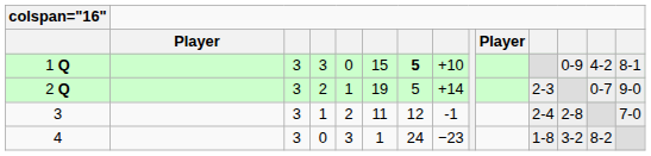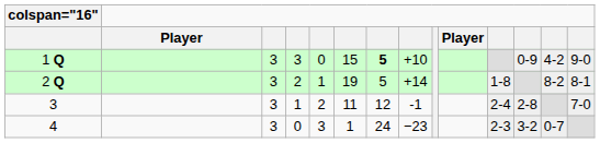 <table class=wikitable style=text-align:center>
 <tr>
 <th>colspan="16" </th>
 </tr>
 <tr>
 <th width=20 abbr=Position></th>
 <th width=175>Player</th>
 <th width=20 abbr=Played></th>
 <th width=20 abbr=Won></th>
 <th width=20 abbr=Lost></th>
 <th width=30 abbr=Points for></th>
 <th width=30 abbr=Points against></th>
 <th width=30 abbr=Points difference></th>
 <th rowspan="5" abbr=H2H></th>
 <th>Player</th>
 <th></th>
 <th></th>
 <th></th>
 <th></th>
 </tr>
 <tr bgcolor=#CCFFCC>
 <td>1  <strong>Q</strong></td>
 <td align=left></td>
 <td>3</td>
 <td>3</td>
 <td>0</td>
 <td>15</td>
 <td><strong>5</strong></td>
 <td>+10</td>
 <td></td>
 <td bgcolor="#dddddd"> </td>
 <td bgcolor="#efefef">0-9</td>
 <td bgcolor="#efefef">4-2</td>
-<td bgcolor="#efefef">8-1</td>
+<td bgcolor="#efefef">9-0</td>
 </tr>
 <tr bgcolor=#CCFFCC>
 <td>2 <strong>Q</strong></td>
 <td align=left></td>
 <td>3</td>
 <td>2</td>
 <td>1</td>
 <td>19</td>
 <td>5</td>
 <td>+14</td>
 <td></td>
-<td bgcolor="#efefef">2-3</td>
+<td bgcolor="#efefef">1-8</td>
 <td bgcolor="#dddddd"> </td>
-<td bgcolor="#efefef">0-7</td>
-<td bgcolor="#efefef">9-0</td>
+<td bgcolor="#efefef">8-2</td>
+<td bgcolor="#efefef">8-1</td>
 </tr>
 <tr>
 <td>3 </td>
 <td align=left></td>
 <td>3</td>
 <td>1</td>
 <td>2</td>
 <td>11</td>
 <td>12</td>
 <td>-1</td>
 <td></td>
 <td bgcolor="#efefef">2-4</td>
 <td bgcolor="#efefef">2-8</td>
 <td bgcolor="#dddddd"> </td>
 <td bgcolor="#efefef">7-0</td>
 </tr>
 <tr>
 <td>4 </td>
 <td align=left></td>
 <td>3</td>
 <td>0</td>
 <td>3</td>
 <td>1</td>
 <td>24</td>
 <td>−23</td>
 <td></td>
-<td bgcolor="#efefef">1-8</td>
+<td bgcolor="#efefef">2-3</td>
 <td bgcolor="#efefef">3-2</td>
-<td bgcolor="#efefef">8-2</td>
+<td bgcolor="#efefef">0-7</td>
 <td bgcolor="#dddddd"> </td>
 </tr>
 </table>
